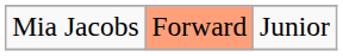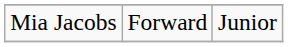 <table class="wikitable">
 <tr align=center>
 </tr>
 <tr>
 <td>Mia Jacobs</td>
-<td style="background: lightsalmon;">Forward</td>
+<td>Forward</td>
 <td>Junior</td>
 </tr>
 <tr>
 </tr>
 </table>
